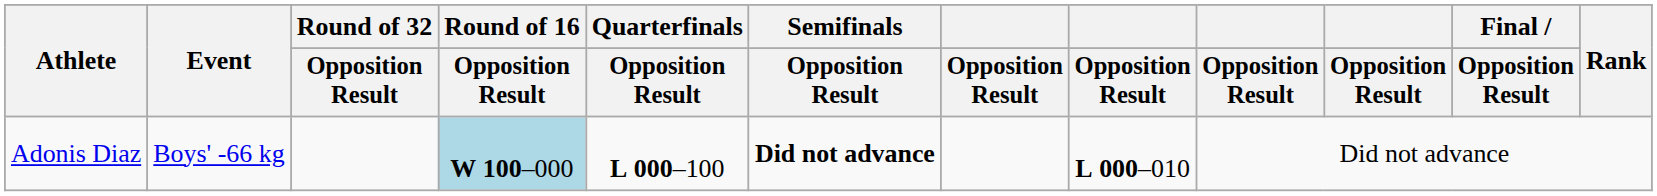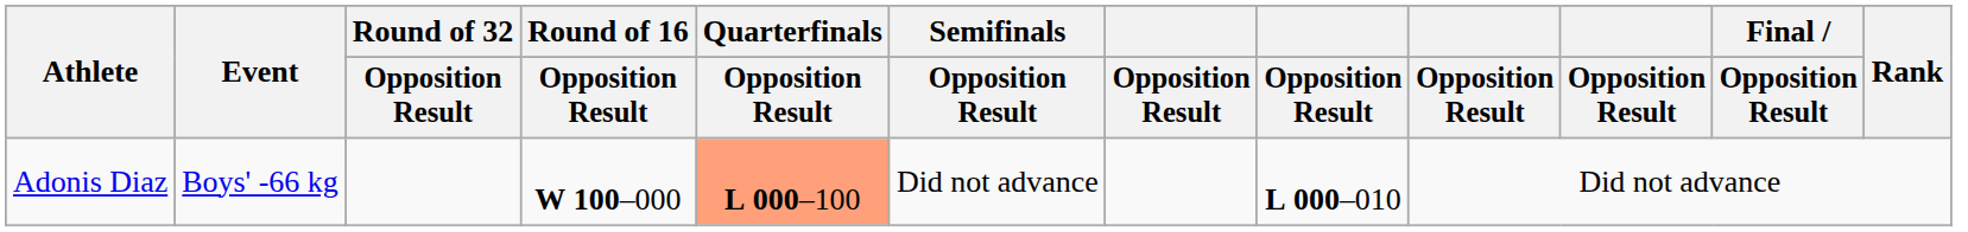 <table class="wikitable" style="font-size:90%">
 <tr>
 <th rowspan="2">Athlete</th>
 <th rowspan="2">Event</th>
 <th>Round of 32</th>
 <th>Round of 16</th>
 <th>Quarterfinals</th>
 <th>Semifinals</th>
 <th></th>
 <th></th>
 <th></th>
 <th></th>
 <th>Final / </th>
 <th rowspan=2>Rank</th>
 </tr>
 <tr style="font-size:95%">
 <th>Opposition<br>Result</th>
 <th>Opposition<br>Result</th>
 <th>Opposition<br>Result</th>
 <th>Opposition<br>Result</th>
 <th>Opposition<br>Result</th>
 <th>Opposition<br>Result</th>
 <th>Opposition<br>Result</th>
 <th>Opposition<br>Result</th>
 <th>Opposition<br>Result</th>
 </tr>
 <tr align=center>
 <td align=left><a href='#'>Adonis Diaz</a></td>
 <td align=left><a href='#'>Boys' -66 kg</a></td>
 <td></td>
-<td style="background: lightblue;"><br><strong>W</strong> <strong>100</strong>–000</td>
-<td><br><strong>L</strong> <strong>000</strong>–100</td>
-<td><strong>Did not advance</strong></td>
+<td><br><strong>W</strong> <strong>100</strong>–000</td>
+<td style="background: lightsalmon;"><br><strong>L</strong> <strong>000</strong>–100</td>
+<td>Did not advance</td>
 <td></td>
 <td><br><strong>L</strong> <strong>000</strong>–010</td>
 <td colspan=4>Did not advance</td>
 </tr>
 </table>
